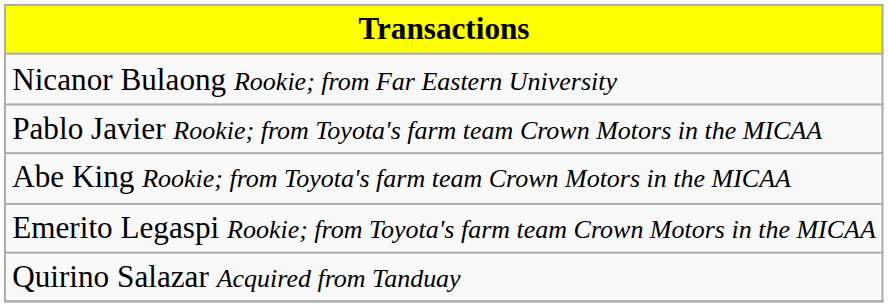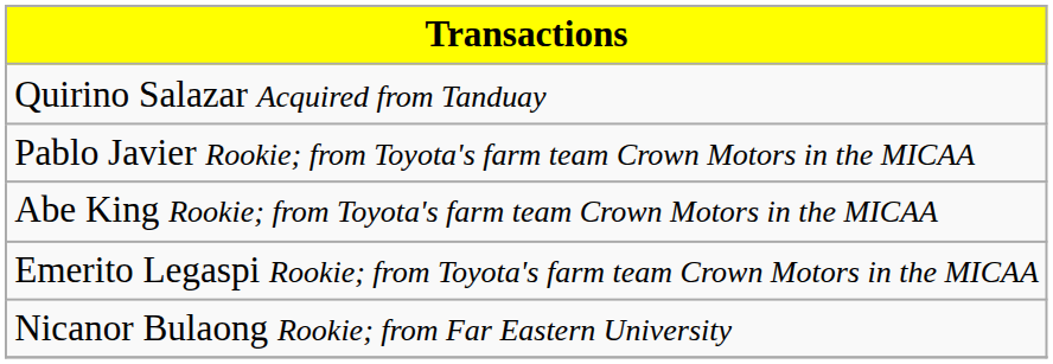 <table class="wikitable" border="1">
 <tr>
 <th style="background:yellow;">Transactions</th>
 </tr>
 <tr>
-<td>Nicanor Bulaong <small><em>Rookie; from Far Eastern University</em></small></td>
+<td>Quirino Salazar <small><em>Acquired from Tanduay</em></small></td>
 </tr>
 <tr>
 <td>Pablo Javier <small><em>Rookie; from Toyota's farm team Crown Motors in the MICAA</em></small></td>
 </tr>
 <tr>
 <td>Abe King <small><em>Rookie; from Toyota's farm team Crown Motors in the MICAA</em></small> </td>
 </tr>
 <tr>
 <td>Emerito Legaspi <small><em>Rookie; from Toyota's farm team Crown Motors in the MICAA</em></small></td>
 </tr>
 <tr>
-<td>Quirino Salazar <small><em>Acquired from Tanduay</em></small></td>
+<td>Nicanor Bulaong <small><em>Rookie; from Far Eastern University</em></small></td>
 </tr>
 <tr>
 </tr>
 </table>
